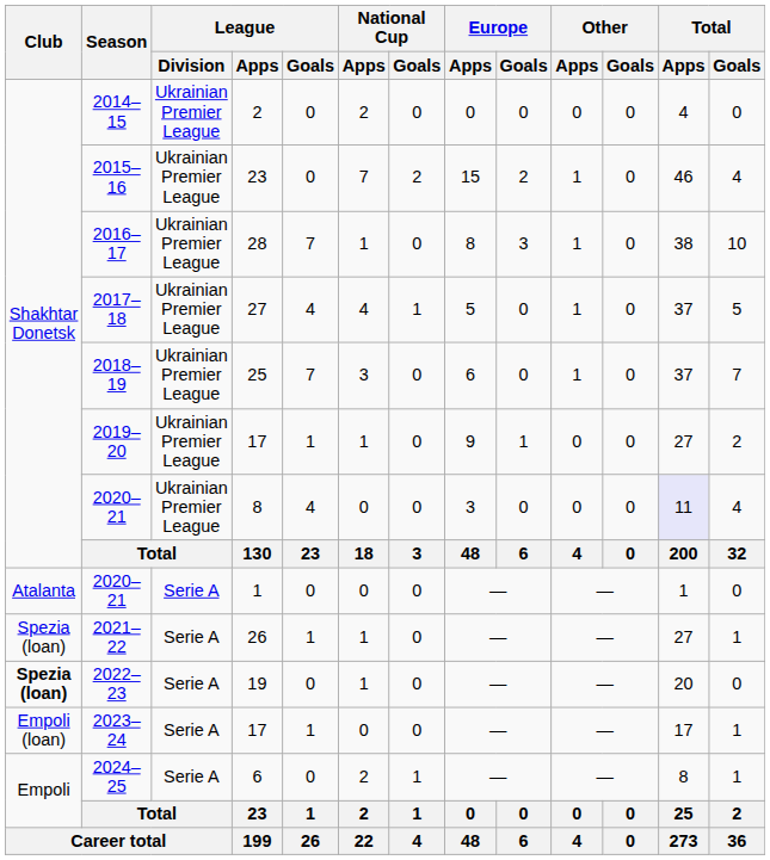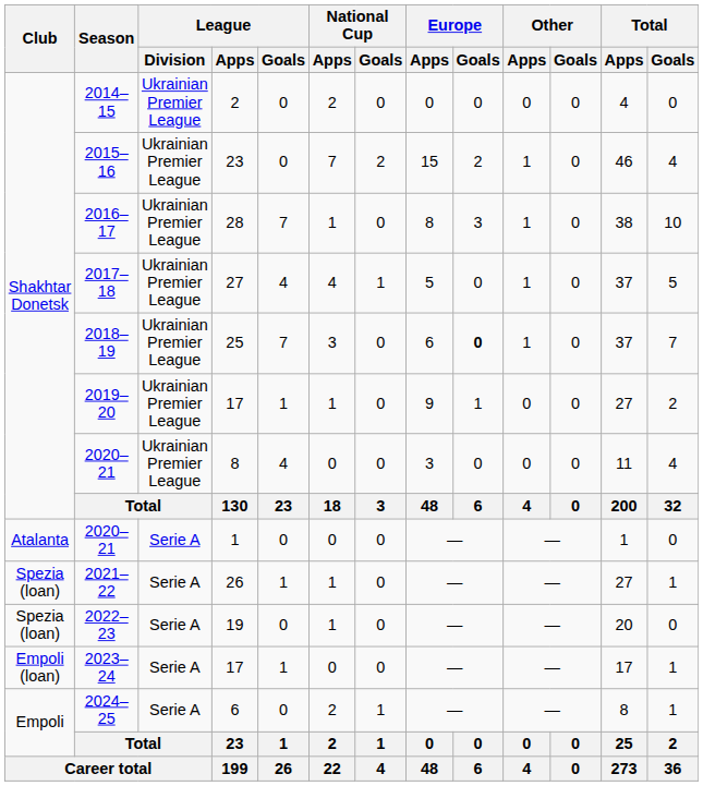 <table class="wikitable" style="text-align:center">
 <tr>
 <th rowspan="2">Club</th>
 <th rowspan="2">Season</th>
 <th colspan="3">League</th>
 <th colspan="2">National Cup</th>
 <th colspan="2"><a href='#'>Europe</a></th>
 <th colspan="2">Other</th>
 <th colspan="2">Total</th>
 </tr>
 <tr>
 <th>Division</th>
 <th>Apps</th>
 <th>Goals</th>
 <th>Apps</th>
 <th>Goals</th>
 <th>Apps</th>
 <th>Goals</th>
 <th>Apps</th>
 <th>Goals</th>
 <th>Apps</th>
 <th>Goals</th>
 </tr>
 <tr>
 <td rowspan="8"><a href='#'>Shakhtar Donetsk</a></td>
 <td><a href='#'>2014–15</a></td>
 <td><a href='#'>Ukrainian Premier League</a></td>
 <td>2</td>
 <td>0</td>
 <td>2</td>
 <td>0</td>
 <td>0</td>
 <td>0</td>
 <td>0</td>
 <td>0</td>
 <td>4</td>
 <td>0</td>
 </tr>
 <tr>
 <td><a href='#'>2015–16</a></td>
 <td>Ukrainian Premier League</td>
 <td>23</td>
 <td>0</td>
 <td>7</td>
 <td>2</td>
 <td>15</td>
 <td>2</td>
 <td>1</td>
 <td>0</td>
 <td>46</td>
 <td>4</td>
 </tr>
 <tr>
 <td><a href='#'>2016–17</a></td>
 <td>Ukrainian Premier League</td>
 <td>28</td>
 <td>7</td>
 <td>1</td>
 <td>0</td>
 <td>8</td>
 <td>3</td>
 <td>1</td>
 <td>0</td>
 <td>38</td>
 <td>10</td>
 </tr>
 <tr>
 <td><a href='#'>2017–18</a></td>
 <td>Ukrainian Premier League</td>
 <td>27</td>
 <td>4</td>
 <td>4</td>
 <td>1</td>
 <td>5</td>
 <td>0</td>
 <td>1</td>
 <td>0</td>
 <td>37</td>
 <td>5</td>
 </tr>
 <tr>
 <td><a href='#'>2018–19</a></td>
 <td>Ukrainian Premier League</td>
 <td>25</td>
 <td>7</td>
 <td>3</td>
 <td>0</td>
 <td>6</td>
-<td>0</td>
+<td><strong>0</strong></td>
 <td>1</td>
 <td>0</td>
 <td>37</td>
 <td>7</td>
 </tr>
 <tr>
 <td><a href='#'>2019–20</a></td>
 <td>Ukrainian Premier League</td>
 <td>17</td>
 <td>1</td>
 <td>1</td>
 <td>0</td>
 <td>9</td>
 <td>1</td>
 <td>0</td>
 <td>0</td>
 <td>27</td>
 <td>2</td>
 </tr>
 <tr>
 <td><a href='#'>2020–21</a></td>
 <td>Ukrainian Premier League</td>
 <td>8</td>
 <td>4</td>
 <td>0</td>
 <td>0</td>
 <td>3</td>
 <td>0</td>
 <td>0</td>
 <td>0</td>
-<td style="background: lavender;">11</td>
+<td>11</td>
 <td>4</td>
 </tr>
 <tr>
 <th colspan="2">Total</th>
 <th>130</th>
 <th>23</th>
 <th>18</th>
 <th>3</th>
 <th>48</th>
 <th>6</th>
 <th>4</th>
 <th>0</th>
 <th>200</th>
 <th>32</th>
 </tr>
 <tr>
 <td><a href='#'>Atalanta</a></td>
 <td><a href='#'>2020–21</a></td>
 <td><a href='#'>Serie A</a></td>
 <td>1</td>
 <td>0</td>
 <td>0</td>
 <td>0</td>
 <td colspan="2">—</td>
 <td colspan="2">—</td>
 <td>1</td>
 <td>0</td>
 </tr>
 <tr>
 <td><a href='#'>Spezia</a> (loan)</td>
 <td><a href='#'>2021–22</a></td>
 <td>Serie A</td>
 <td>26</td>
 <td>1</td>
 <td>1</td>
 <td>0</td>
 <td colspan="2">—</td>
 <td colspan="2">—</td>
 <td>27</td>
 <td>1</td>
 </tr>
 <tr>
-<td><strong>Spezia (loan)</strong></td>
+<td>Spezia (loan)</td>
 <td><a href='#'>2022–23</a></td>
 <td>Serie A</td>
 <td>19</td>
 <td>0</td>
 <td>1</td>
 <td>0</td>
 <td colspan="2">—</td>
 <td colspan="2">—</td>
 <td>20</td>
 <td>0</td>
 </tr>
 <tr>
 <td><a href='#'>Empoli</a> (loan)</td>
 <td><a href='#'>2023–24</a></td>
 <td>Serie A</td>
 <td>17</td>
 <td>1</td>
 <td>0</td>
 <td>0</td>
 <td colspan="2">—</td>
 <td colspan="2">—</td>
 <td>17</td>
 <td>1</td>
 </tr>
 <tr>
 <td rowspan="2">Empoli</td>
 <td><a href='#'>2024–25</a></td>
 <td>Serie A</td>
 <td>6</td>
 <td>0</td>
 <td>2</td>
 <td>1</td>
 <td colspan="2">—</td>
 <td colspan="2">—</td>
 <td>8</td>
 <td>1</td>
 </tr>
 <tr>
 <th colspan="2">Total</th>
 <th>23</th>
 <th>1</th>
 <th>2</th>
 <th>1</th>
 <th>0</th>
 <th>0</th>
 <th>0</th>
 <th>0</th>
 <th>25</th>
 <th>2</th>
 </tr>
 <tr>
 <th colspan="3">Career total</th>
 <th>199</th>
 <th>26</th>
 <th>22</th>
 <th>4</th>
 <th>48</th>
 <th>6</th>
 <th>4</th>
 <th>0</th>
 <th>273</th>
 <th>36</th>
 </tr>
 </table>
